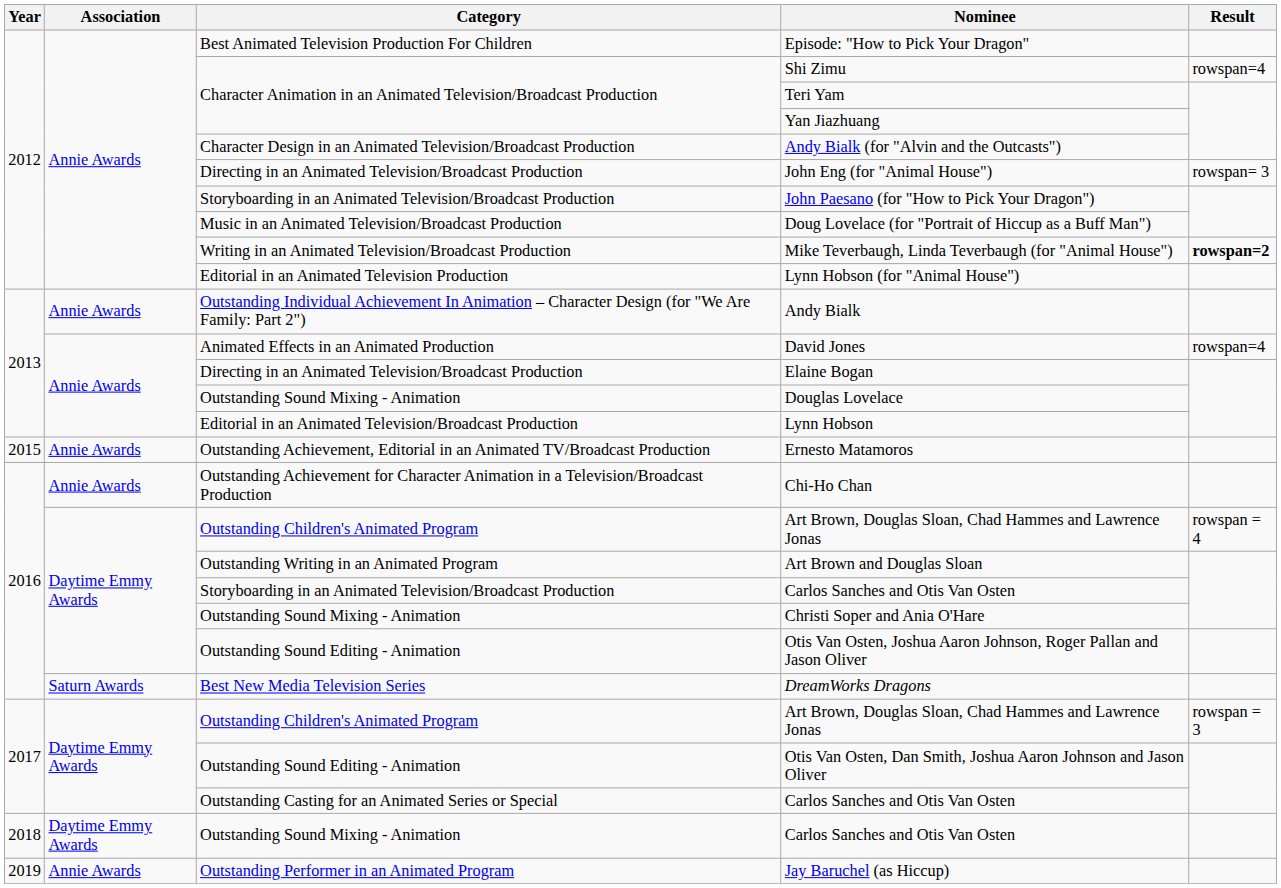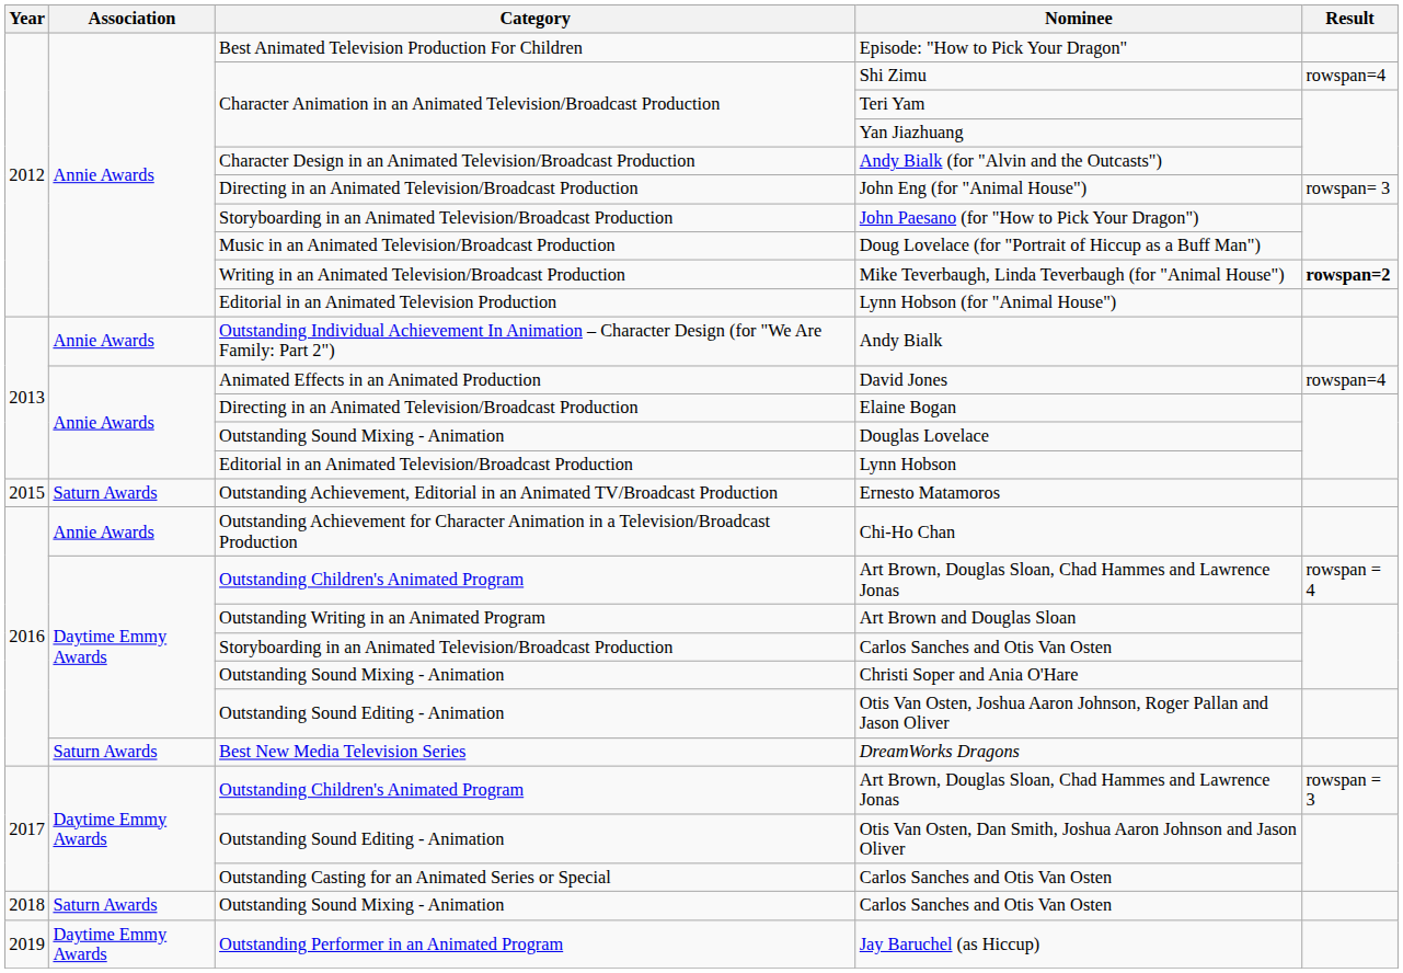 <table class="wikitable">
 <tr>
 <th>Year</th>
 <th>Association</th>
 <th>Category</th>
 <th>Nominee</th>
 <th>Result</th>
 </tr>
 <tr>
 <td rowspan=10>2012</td>
 <td rowspan=10><a href='#'>Annie Awards</a></td>
 <td>Best Animated Television Production For Children</td>
 <td>Episode: "How to Pick Your Dragon"</td>
 <td></td>
 </tr>
 <tr>
 <td rowspan=3>Character Animation in an Animated Television/Broadcast Production</td>
 <td>Shi Zimu</td>
 <td>rowspan=4 </td>
 </tr>
 <tr>
 <td>Teri Yam</td>
 </tr>
 <tr>
 <td>Yan Jiazhuang</td>
 </tr>
 <tr>
 <td>Character Design in an Animated Television/Broadcast Production</td>
 <td><a href='#'>Andy Bialk</a> (for "Alvin and the Outcasts")</td>
 </tr>
 <tr>
 <td>Directing in an Animated Television/Broadcast Production</td>
 <td>John Eng (for "Animal House")</td>
 <td>rowspan= 3 </td>
 </tr>
 <tr>
 <td>Storyboarding in an Animated Television/Broadcast Production</td>
 <td><a href='#'>John Paesano</a> (for "How to Pick Your Dragon")</td>
 </tr>
 <tr>
 <td>Music in an Animated Television/Broadcast Production</td>
 <td>Doug Lovelace (for "Portrait of Hiccup as a Buff Man")</td>
 </tr>
 <tr>
 <td>Writing in an Animated Television/Broadcast Production</td>
 <td>Mike Teverbaugh, Linda Teverbaugh (for "Animal House")</td>
 <td><strong>rowspan=2 </strong></td>
 </tr>
 <tr>
 <td>Editorial in an Animated Television Production</td>
 <td>Lynn Hobson (for "Animal House")</td>
 </tr>
 <tr>
 <td rowspan = 5>2013</td>
 <td><a href='#'>Annie Awards</a></td>
 <td><a href='#'>Outstanding Individual Achievement In Animation</a> – Character Design (for "We Are Family: Part 2")</td>
 <td>Andy Bialk</td>
 <td></td>
 </tr>
 <tr>
 <td rowspan = 4><a href='#'>Annie Awards</a></td>
 <td>Animated Effects in an Animated Production</td>
 <td>David Jones</td>
 <td>rowspan=4 </td>
 </tr>
 <tr>
 <td>Directing in an Animated Television/Broadcast Production</td>
 <td>Elaine Bogan</td>
 </tr>
 <tr>
 <td>Outstanding Sound Mixing - Animation</td>
 <td>Douglas Lovelace</td>
 </tr>
 <tr>
 <td>Editorial in an Animated Television/Broadcast Production</td>
 <td>Lynn Hobson</td>
 </tr>
 <tr>
 <td>2015</td>
-<td><a href='#'>Annie Awards</a></td>
+<td><a href='#'>Saturn Awards</a></td>
 <td>Outstanding Achievement, Editorial in an Animated TV/Broadcast Production</td>
 <td>Ernesto Matamoros</td>
 <td></td>
 </tr>
 <tr>
 <td rowspan = 7>2016</td>
 <td><a href='#'>Annie Awards</a></td>
 <td>Outstanding Achievement for Character Animation in a Television/Broadcast Production</td>
 <td>Chi-Ho Chan</td>
 <td></td>
 </tr>
 <tr>
 <td rowspan = 5><a href='#'>Daytime Emmy Awards</a></td>
 <td><a href='#'>Outstanding Children's Animated Program</a></td>
 <td>Art Brown, Douglas Sloan, Chad Hammes and Lawrence Jonas</td>
 <td>rowspan = 4 </td>
 </tr>
 <tr>
 <td>Outstanding Writing in an Animated Program</td>
 <td>Art Brown and Douglas Sloan</td>
 </tr>
 <tr>
 <td>Storyboarding in an Animated Television/Broadcast Production</td>
 <td>Carlos Sanches and Otis Van Osten</td>
 </tr>
 <tr>
 <td>Outstanding Sound Mixing - Animation</td>
 <td>Christi Soper and Ania O'Hare</td>
 </tr>
 <tr>
 <td>Outstanding Sound Editing - Animation</td>
 <td>Otis Van Osten, Joshua Aaron Johnson, Roger Pallan and Jason Oliver</td>
 <td></td>
 </tr>
 <tr>
 <td><a href='#'>Saturn Awards</a></td>
 <td><a href='#'>Best New Media Television Series</a></td>
 <td><em>DreamWorks Dragons</em></td>
 <td></td>
 </tr>
 <tr>
 <td rowspan = 3>2017</td>
 <td rowspan = 3><a href='#'>Daytime Emmy Awards</a></td>
 <td><a href='#'>Outstanding Children's Animated Program</a></td>
 <td>Art Brown, Douglas Sloan, Chad Hammes and Lawrence Jonas</td>
 <td>rowspan = 3 </td>
 </tr>
 <tr>
 <td>Outstanding Sound Editing - Animation</td>
 <td>Otis Van Osten, Dan Smith, Joshua Aaron Johnson and Jason Oliver</td>
 </tr>
 <tr>
 <td>Outstanding Casting for an Animated Series or Special</td>
 <td>Carlos Sanches and Otis Van Osten</td>
 </tr>
 <tr>
 <td>2018</td>
-<td><a href='#'>Daytime Emmy Awards</a></td>
+<td><a href='#'>Saturn Awards</a></td>
 <td>Outstanding Sound Mixing - Animation</td>
 <td>Carlos Sanches and Otis Van Osten</td>
 <td></td>
 </tr>
 <tr>
 <td>2019</td>
-<td><a href='#'>Annie Awards</a></td>
+<td><a href='#'>Daytime Emmy Awards</a></td>
 <td><a href='#'>Outstanding Performer in an Animated Program</a></td>
 <td><a href='#'>Jay Baruchel</a> (as Hiccup)</td>
 <td></td>
 </tr>
 </table>
